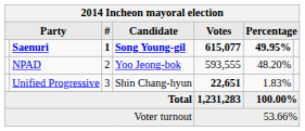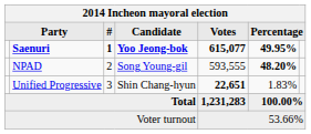 <table class="wikitable">
 <tr>
 <th colspan="7">2014 Incheon mayoral election</th>
 </tr>
 <tr>
 <th style="background-color:#E9E9E9" colspan=2>Party</th>
 <th style="background-color:#E9E9E9">#</th>
 <th style="background-color:#E9E9E9">Candidate</th>
 <th style="background-color:#E9E9E9">Votes</th>
 <th style="background-color:#E9E9E9" colspan=2>Percentage</th>
 </tr>
 <tr style="font-weight:bold">
 <td></td>
 <td align=left><a href='#'>Saenuri</a></td>
 <td align=center>1</td>
-<td align=left><a href='#'>Song Young-gil</a></td>
+<td align=left><a href='#'>Yoo Jeong-bok</a></td>
 <td align=right>615,077</td>
 <td align=right>49.95%</td>
 <td align=right></td>
 </tr>
 <tr>
 <td></td>
 <td align=left><a href='#'>NPAD</a></td>
 <td align=center>2</td>
-<td align=left><a href='#'>Yoo Jeong-bok</a></td>
+<td align=left><a href='#'>Song Young-gil</a></td>
 <td align=right>593,555</td>
-<td align=right>48.20%</td>
+<td align=right><strong>48.20%</strong></td>
 <td align=right></td>
 </tr>
 <tr>
 <td></td>
 <td align=left><a href='#'>Unified Progressive</a></td>
 <td align=center>3</td>
 <td align=left>Shin Chang-hyun</td>
 <td align=right><strong>22,651</strong></td>
 <td align=right>1.83%</td>
 <td align=right></td>
 </tr>
 <tr bgcolor="#EEEEEE" style="font-weight:bold">
 <td colspan="4" align=right>Total</td>
 <td align=right>1,231,283</td>
 <td align=right colspan=2>100.00%</td>
 </tr>
 <tr bgcolor="#EEEEEE">
 <td colspan="4" align="right">Voter turnout</td>
 <td colspan="3" align="right">53.66%</td>
 </tr>
 </table>
